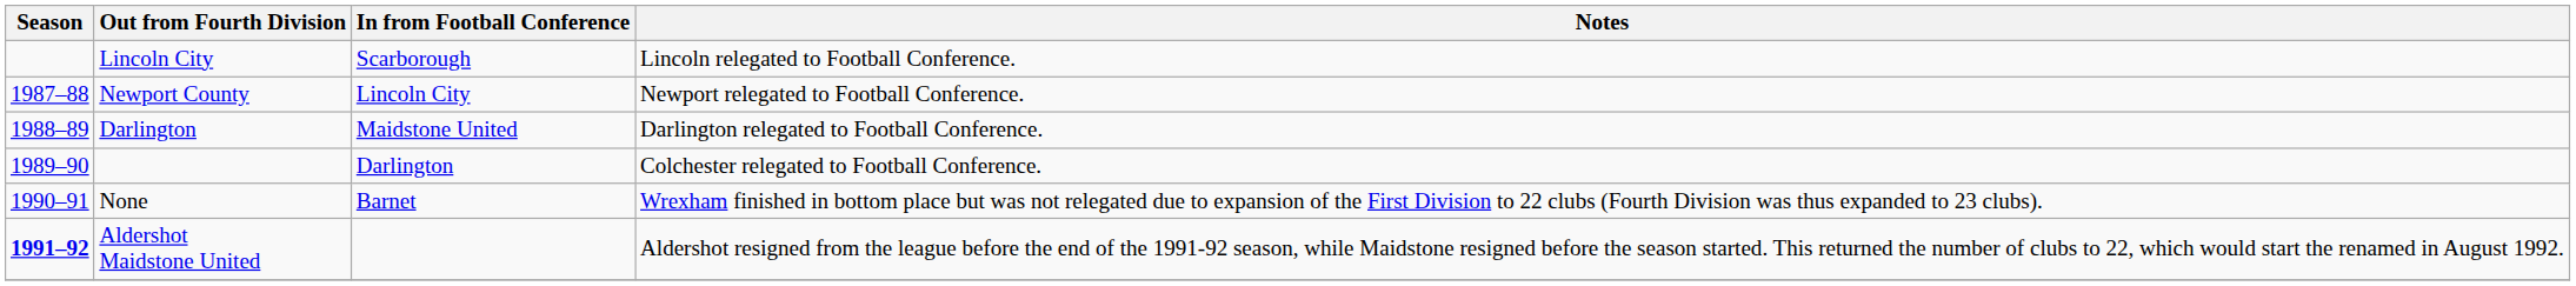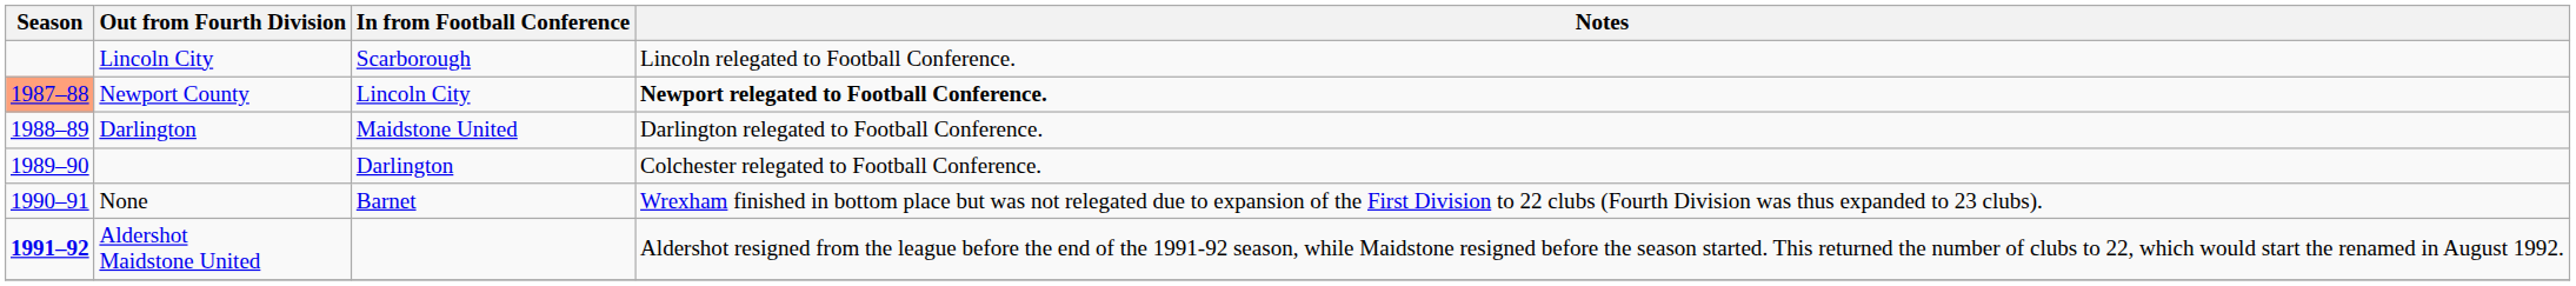 <table class="wikitable">
 <tr>
 <th>Season</th>
 <th>Out from Fourth Division</th>
 <th>In from Football Conference</th>
 <th>Notes</th>
 </tr>
 <tr>
 <td><a href='#'></a></td>
 <td><a href='#'>Lincoln City</a></td>
 <td><a href='#'>Scarborough</a></td>
 <td>Lincoln relegated to Football Conference.</td>
 </tr>
 <tr>
-<td><a href='#'>1987–88</a></td>
+<td style="background: lightsalmon;"><a href='#'>1987–88</a></td>
 <td><a href='#'>Newport County</a></td>
 <td><a href='#'>Lincoln City</a></td>
-<td>Newport relegated to Football Conference.</td>
+<td><strong>Newport relegated to Football Conference.</strong></td>
 </tr>
 <tr>
 <td><a href='#'>1988–89</a></td>
 <td><a href='#'>Darlington</a></td>
 <td><a href='#'>Maidstone United</a></td>
 <td>Darlington relegated to Football Conference.</td>
 </tr>
 <tr>
 <td><a href='#'>1989–90</a></td>
 <td><a href='#'></a></td>
 <td><a href='#'>Darlington</a></td>
 <td>Colchester relegated to Football Conference.</td>
 </tr>
 <tr>
 <td><a href='#'>1990–91</a></td>
 <td>None</td>
 <td><a href='#'>Barnet</a></td>
 <td><a href='#'>Wrexham</a> finished in bottom place but was not relegated due to expansion of the <a href='#'>First Division</a> to 22 clubs (Fourth Division was thus expanded to 23 clubs).</td>
 </tr>
 <tr>
 <td><strong><a href='#'>1991–92</a></strong></td>
 <td><a href='#'>Aldershot</a><br><a href='#'>Maidstone United</a></td>
 <td><a href='#'></a></td>
 <td>Aldershot resigned from the league before the end of the 1991-92 season, while Maidstone resigned before the <a href='#'></a> season started. This returned the number of clubs to 22, which would start the renamed <a href='#'></a> in August 1992.</td>
 </tr>
 <tr>
 </tr>
 </table>
